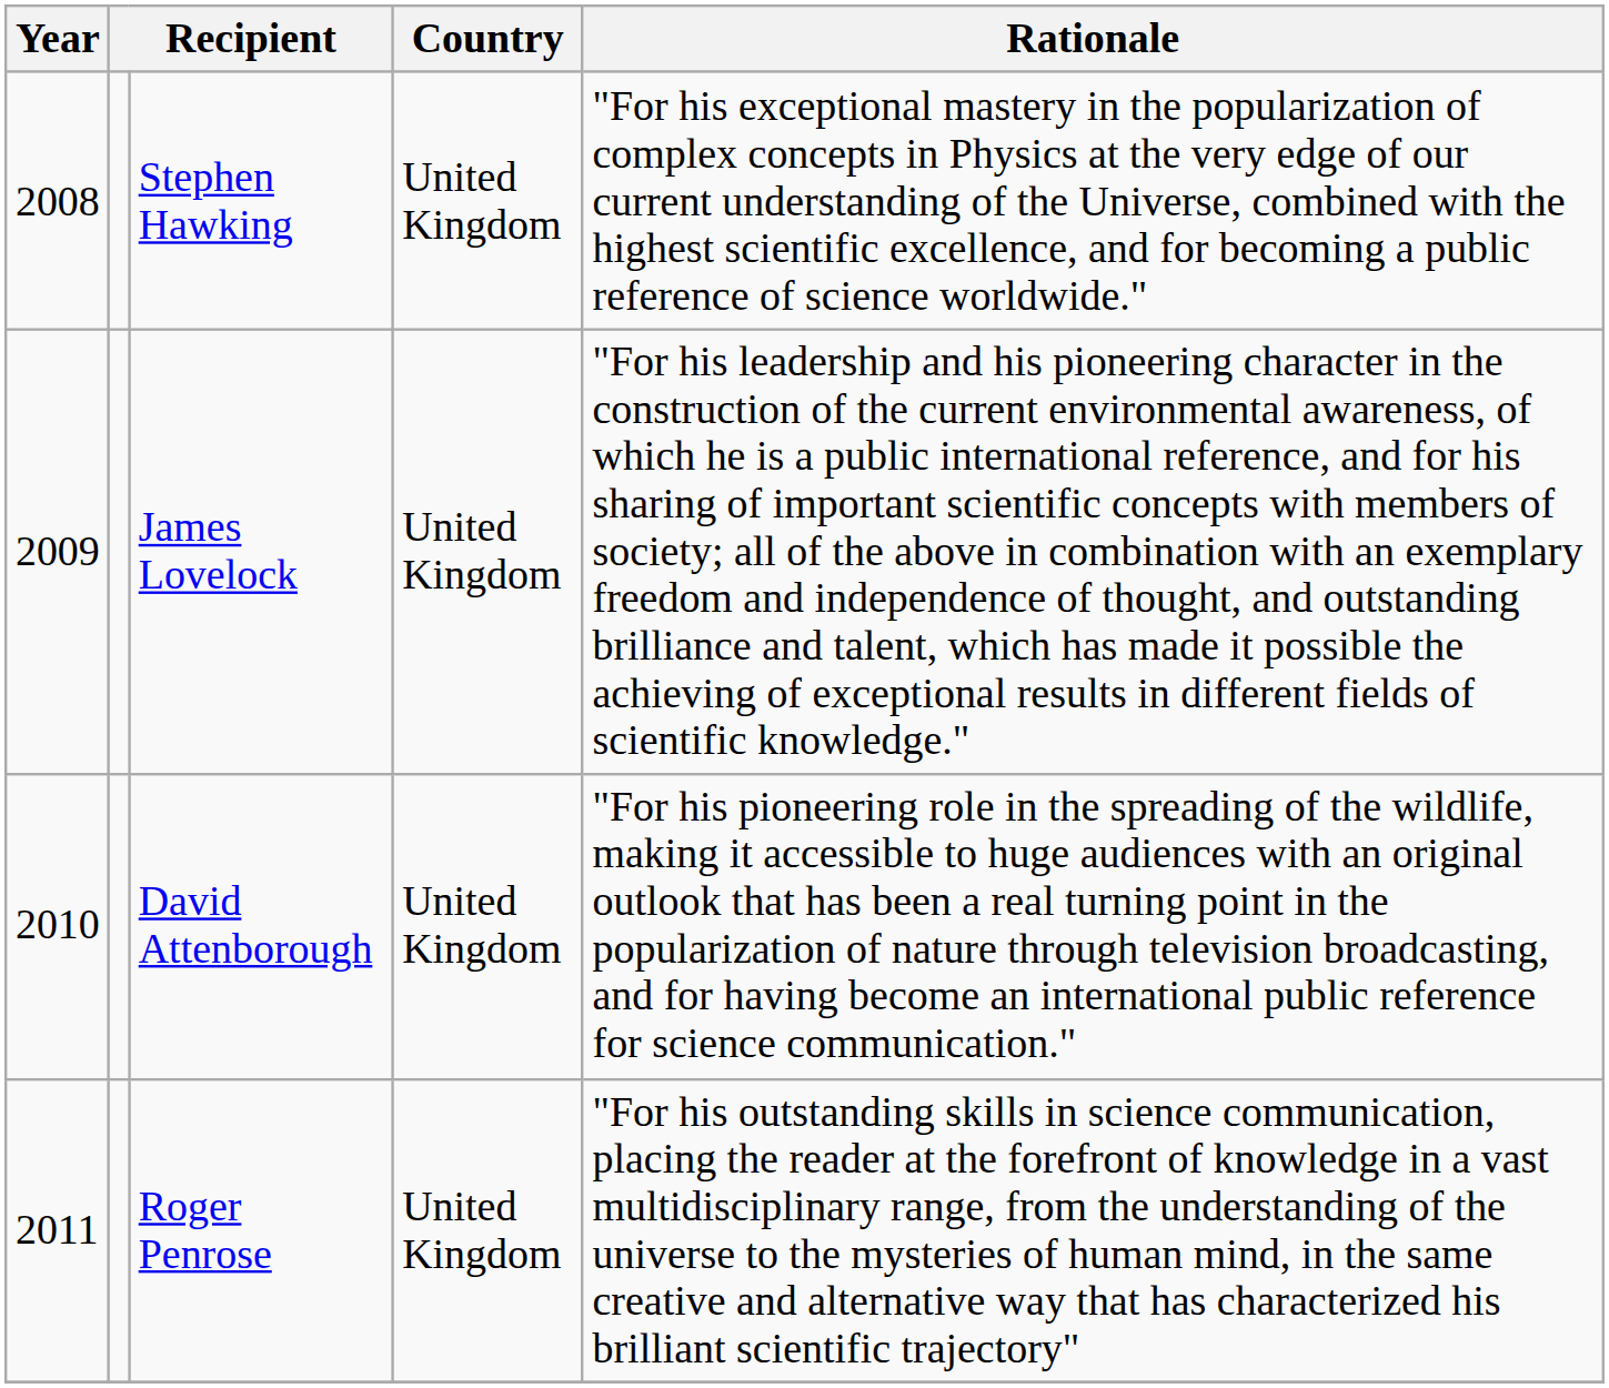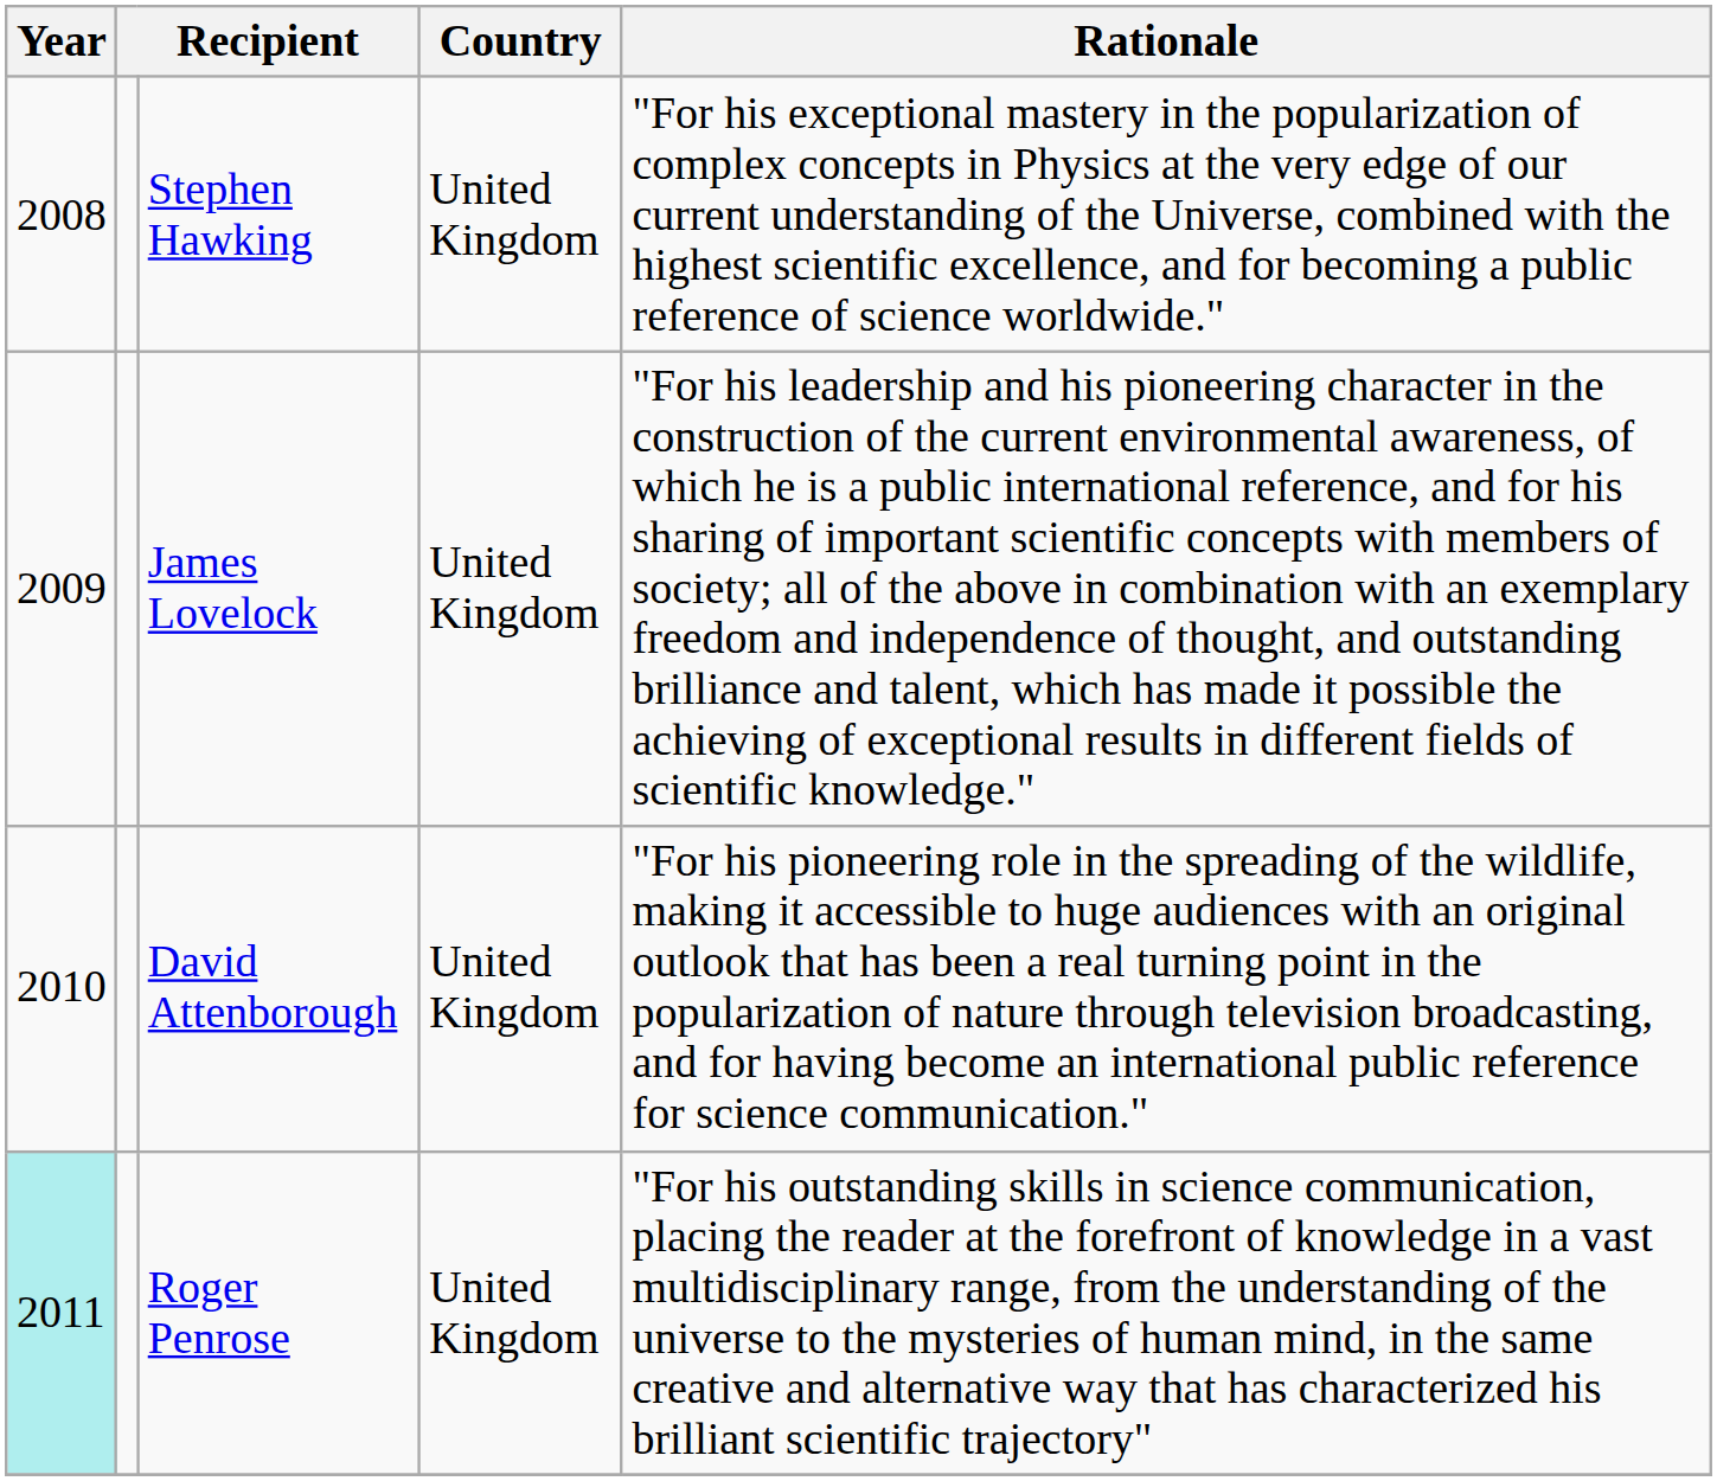 <table class="wikitable">
 <tr>
 <th>Year</th>
 <th colspan=2>Recipient</th>
 <th>Country</th>
 <th>Rationale</th>
 </tr>
 <tr>
 <td>2008</td>
 <td></td>
 <td><a href='#'>Stephen Hawking</a></td>
 <td>United Kingdom</td>
 <td>"For his exceptional mastery in the popularization of complex concepts in Physics at the very edge of our current understanding of the Universe, combined with the highest scientific excellence, and for becoming a public reference of science worldwide."</td>
 </tr>
 <tr>
 <td>2009</td>
 <td></td>
 <td><a href='#'>James Lovelock</a></td>
 <td>United Kingdom</td>
 <td>"For his leadership and his pioneering character in the construction of the current environmental awareness, of which he is a public international reference, and for his sharing of important scientific concepts with members of society; all of the above in combination with an exemplary freedom and independence of thought, and outstanding brilliance and talent, which has made it possible the achieving of exceptional results in different fields of scientific knowledge."</td>
 </tr>
 <tr>
 <td>2010</td>
 <td></td>
 <td><a href='#'>David Attenborough</a></td>
 <td>United Kingdom</td>
 <td>"For his pioneering role in the spreading of the wildlife, making it accessible to huge audiences with an original outlook that has been a real turning point in the popularization of nature through television broadcasting, and for having become an international public reference for science communication."</td>
 </tr>
 <tr>
-<td>2011</td>
+<td style="background: paleturquoise;">2011</td>
 <td></td>
 <td><a href='#'>Roger Penrose</a></td>
 <td>United Kingdom</td>
 <td>"For his outstanding skills in science communication, placing the reader at the forefront of knowledge in a vast multidisciplinary range, from the understanding of the universe to the mysteries of human mind, in the same creative and alternative way that has characterized his brilliant scientific trajectory"</td>
 </tr>
 <tr>
 </tr>
 </table>
